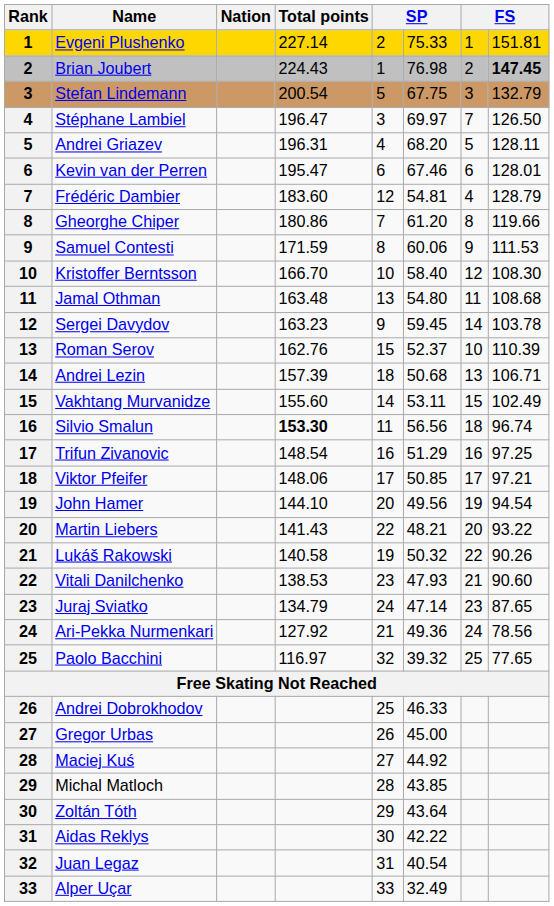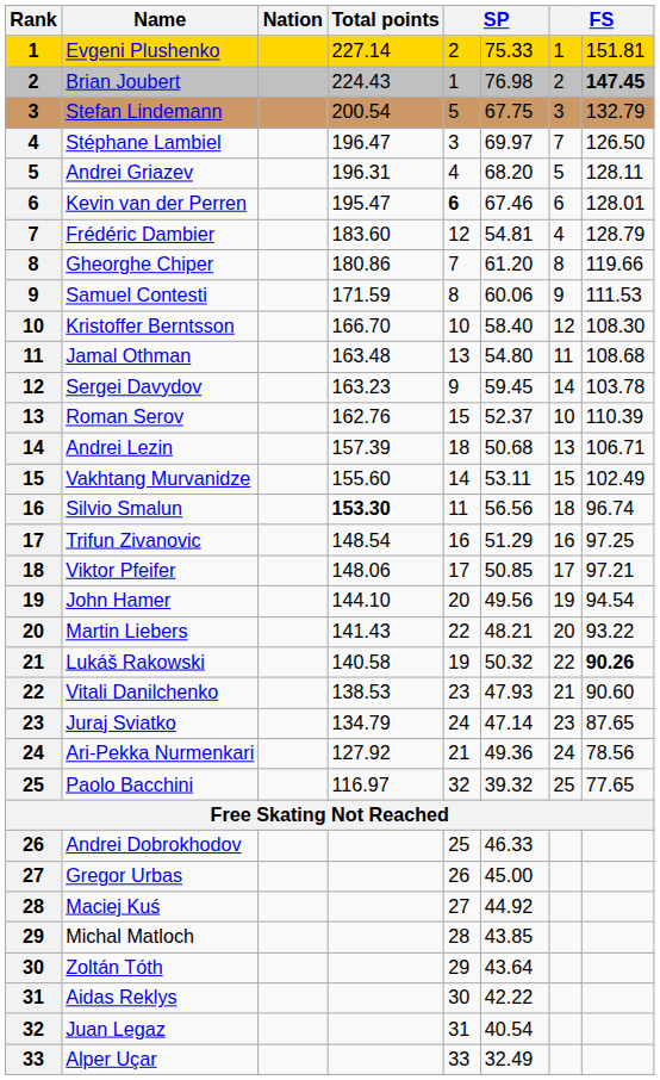 <table class="wikitable">
 <tr>
 <th>Rank</th>
 <th>Name</th>
 <th>Nation</th>
 <th>Total points</th>
 <th colspan="2" width="80px"><a href='#'>SP</a></th>
 <th colspan="2" width="80px"><a href='#'>FS</a></th>
 </tr>
 <tr bgcolor="gold">
 <td align="center"><strong>1</strong></td>
 <td><a href='#'>Evgeni Plushenko</a></td>
 <td></td>
 <td>227.14</td>
 <td>2</td>
 <td>75.33</td>
 <td>1</td>
 <td>151.81</td>
 </tr>
 <tr bgcolor="silver">
 <td align="center"><strong>2</strong></td>
 <td><a href='#'>Brian Joubert</a></td>
 <td></td>
 <td>224.43</td>
 <td>1</td>
 <td>76.98</td>
 <td>2</td>
 <td><strong>147.45</strong></td>
 </tr>
 <tr bgcolor="cc9966">
 <td align="center"><strong>3</strong></td>
 <td><a href='#'>Stefan Lindemann</a></td>
 <td></td>
 <td>200.54</td>
 <td>5</td>
 <td>67.75</td>
 <td>3</td>
 <td>132.79</td>
 </tr>
 <tr>
 <th>4</th>
 <td><a href='#'>Stéphane Lambiel</a></td>
 <td></td>
 <td>196.47</td>
 <td>3</td>
 <td>69.97</td>
 <td>7</td>
 <td>126.50</td>
 </tr>
 <tr>
 <th>5</th>
 <td><a href='#'>Andrei Griazev</a></td>
 <td></td>
 <td>196.31</td>
 <td>4</td>
 <td>68.20</td>
 <td>5</td>
 <td>128.11</td>
 </tr>
 <tr>
 <th>6</th>
 <td><a href='#'>Kevin van der Perren</a></td>
 <td></td>
 <td>195.47</td>
-<td>6</td>
+<td><strong>6</strong></td>
 <td>67.46</td>
 <td>6</td>
 <td>128.01</td>
 </tr>
 <tr>
 <th>7</th>
 <td><a href='#'>Frédéric Dambier</a></td>
 <td></td>
 <td>183.60</td>
 <td>12</td>
 <td>54.81</td>
 <td>4</td>
 <td>128.79</td>
 </tr>
 <tr>
 <th>8</th>
 <td><a href='#'>Gheorghe Chiper</a></td>
 <td></td>
 <td>180.86</td>
 <td>7</td>
 <td>61.20</td>
 <td>8</td>
 <td>119.66</td>
 </tr>
 <tr>
 <th>9</th>
 <td><a href='#'>Samuel Contesti</a></td>
 <td></td>
 <td>171.59</td>
 <td>8</td>
 <td>60.06</td>
 <td>9</td>
 <td>111.53</td>
 </tr>
 <tr>
 <th>10</th>
 <td><a href='#'>Kristoffer Berntsson</a></td>
 <td></td>
 <td>166.70</td>
 <td>10</td>
 <td>58.40</td>
 <td>12</td>
 <td>108.30</td>
 </tr>
 <tr>
 <th>11</th>
 <td><a href='#'>Jamal Othman</a></td>
 <td></td>
 <td>163.48</td>
 <td>13</td>
 <td>54.80</td>
 <td>11</td>
 <td>108.68</td>
 </tr>
 <tr>
 <th>12</th>
 <td><a href='#'>Sergei Davydov</a></td>
 <td></td>
 <td>163.23</td>
 <td>9</td>
 <td>59.45</td>
 <td>14</td>
 <td>103.78</td>
 </tr>
 <tr>
 <th>13</th>
 <td><a href='#'>Roman Serov</a></td>
 <td></td>
 <td>162.76</td>
 <td>15</td>
 <td>52.37</td>
 <td>10</td>
 <td>110.39</td>
 </tr>
 <tr>
 <th>14</th>
 <td><a href='#'>Andrei Lezin</a></td>
 <td></td>
 <td>157.39</td>
 <td>18</td>
 <td>50.68</td>
 <td>13</td>
 <td>106.71</td>
 </tr>
 <tr>
 <th>15</th>
 <td><a href='#'>Vakhtang Murvanidze</a></td>
 <td></td>
 <td>155.60</td>
 <td>14</td>
 <td>53.11</td>
 <td>15</td>
 <td>102.49</td>
 </tr>
 <tr>
 <th>16</th>
 <td><a href='#'>Silvio Smalun</a></td>
 <td></td>
 <td><strong>153.30</strong></td>
 <td>11</td>
 <td>56.56</td>
 <td>18</td>
 <td>96.74</td>
 </tr>
 <tr>
 <th>17</th>
 <td><a href='#'>Trifun Zivanovic</a></td>
 <td></td>
 <td>148.54</td>
 <td>16</td>
 <td>51.29</td>
 <td>16</td>
 <td>97.25</td>
 </tr>
 <tr>
 <th>18</th>
 <td><a href='#'>Viktor Pfeifer</a></td>
 <td></td>
 <td>148.06</td>
 <td>17</td>
 <td>50.85</td>
 <td>17</td>
 <td>97.21</td>
 </tr>
 <tr>
 <th>19</th>
 <td><a href='#'>John Hamer</a></td>
 <td></td>
 <td>144.10</td>
 <td>20</td>
 <td>49.56</td>
 <td>19</td>
 <td>94.54</td>
 </tr>
 <tr>
 <th>20</th>
 <td><a href='#'>Martin Liebers</a></td>
 <td></td>
 <td>141.43</td>
 <td>22</td>
 <td>48.21</td>
 <td>20</td>
 <td>93.22</td>
 </tr>
 <tr>
 <th>21</th>
 <td><a href='#'>Lukáš Rakowski</a></td>
 <td></td>
 <td>140.58</td>
 <td>19</td>
 <td>50.32</td>
 <td>22</td>
-<td>90.26</td>
+<td><strong>90.26</strong></td>
 </tr>
 <tr>
 <th>22</th>
 <td><a href='#'>Vitali Danilchenko</a></td>
 <td></td>
 <td>138.53</td>
 <td>23</td>
 <td>47.93</td>
 <td>21</td>
 <td>90.60</td>
 </tr>
 <tr>
 <th>23</th>
 <td><a href='#'>Juraj Sviatko</a></td>
 <td></td>
 <td>134.79</td>
 <td>24</td>
 <td>47.14</td>
 <td>23</td>
 <td>87.65</td>
 </tr>
 <tr>
 <th>24</th>
 <td><a href='#'>Ari-Pekka Nurmenkari</a></td>
 <td></td>
 <td>127.92</td>
 <td>21</td>
 <td>49.36</td>
 <td>24</td>
 <td>78.56</td>
 </tr>
 <tr>
 <th>25</th>
 <td><a href='#'>Paolo Bacchini</a></td>
 <td></td>
 <td>116.97</td>
 <td>32</td>
 <td>39.32</td>
 <td>25</td>
 <td>77.65</td>
 </tr>
 <tr>
 <th colspan=8>Free Skating Not Reached</th>
 </tr>
 <tr>
 <th>26</th>
 <td><a href='#'>Andrei Dobrokhodov</a></td>
 <td></td>
 <td></td>
 <td>25</td>
 <td>46.33</td>
 <td></td>
 <td></td>
 </tr>
 <tr>
 <th>27</th>
 <td><a href='#'>Gregor Urbas</a></td>
 <td></td>
 <td></td>
 <td>26</td>
 <td>45.00</td>
 <td></td>
 <td></td>
 </tr>
 <tr>
 <th>28</th>
 <td><a href='#'>Maciej Kuś</a></td>
 <td></td>
 <td></td>
 <td>27</td>
 <td>44.92</td>
 <td></td>
 <td></td>
 </tr>
 <tr>
 <th>29</th>
 <td>Michal Matloch</td>
 <td></td>
 <td></td>
 <td>28</td>
 <td>43.85</td>
 <td></td>
 <td></td>
 </tr>
 <tr>
 <th>30</th>
 <td><a href='#'>Zoltán Tóth</a></td>
 <td></td>
 <td></td>
 <td>29</td>
 <td>43.64</td>
 <td></td>
 <td></td>
 </tr>
 <tr>
 <th>31</th>
 <td><a href='#'>Aidas Reklys</a></td>
 <td></td>
 <td></td>
 <td>30</td>
 <td>42.22</td>
 <td></td>
 <td></td>
 </tr>
 <tr>
 <th>32</th>
 <td><a href='#'>Juan Legaz</a></td>
 <td></td>
 <td></td>
 <td>31</td>
 <td>40.54</td>
 <td></td>
 <td></td>
 </tr>
 <tr>
 <th>33</th>
 <td><a href='#'>Alper Uçar</a></td>
 <td></td>
 <td></td>
 <td>33</td>
 <td>32.49</td>
 <td></td>
 <td></td>
 </tr>
 </table>
